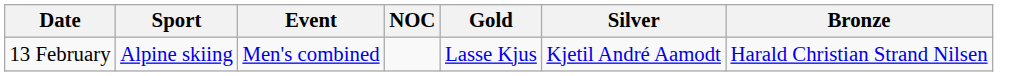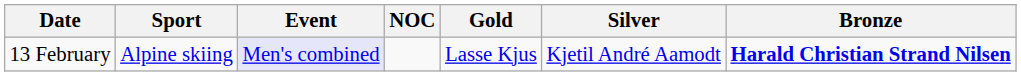 <table class="wikitable">
 <tr>
 <th>Date</th>
 <th>Sport</th>
 <th>Event</th>
 <th>NOC</th>
 <th>Gold</th>
 <th>Silver</th>
 <th>Bronze</th>
 </tr>
 <tr>
 <td>13 February</td>
 <td><a href='#'>Alpine skiing</a></td>
-<td><a href='#'>Men's combined</a></td>
+<td style="background: lavender;"><a href='#'>Men's combined</a></td>
 <td></td>
 <td><a href='#'>Lasse Kjus</a></td>
 <td><a href='#'>Kjetil André Aamodt</a></td>
-<td><a href='#'>Harald Christian Strand Nilsen</a></td>
+<td><strong><a href='#'>Harald Christian Strand Nilsen</a></strong></td>
 </tr>
 </table>
